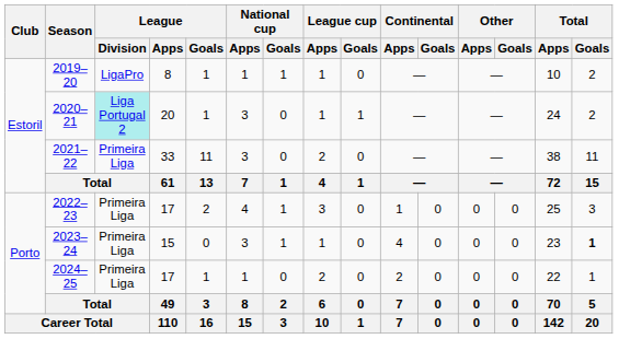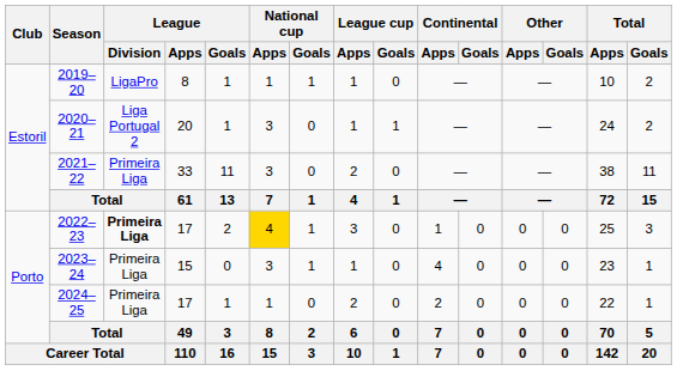 <table class="wikitable" style="text-align: center">
 <tr>
 <th rowspan="2">Club</th>
 <th rowspan="2">Season</th>
 <th colspan="3">League</th>
 <th colspan="2">National cup</th>
 <th colspan="2">League cup</th>
 <th colspan="2">Continental</th>
 <th colspan="2">Other</th>
 <th colspan="2">Total</th>
 </tr>
 <tr>
 <th>Division</th>
 <th>Apps</th>
 <th>Goals</th>
 <th>Apps</th>
 <th>Goals</th>
 <th>Apps</th>
 <th>Goals</th>
 <th>Apps</th>
 <th>Goals</th>
 <th>Apps</th>
 <th>Goals</th>
 <th>Apps</th>
 <th>Goals</th>
 </tr>
 <tr>
 <td rowspan="4"><a href='#'>Estoril</a></td>
 <td><a href='#'>2019–20</a></td>
 <td><a href='#'>LigaPro</a></td>
 <td>8</td>
 <td>1</td>
 <td>1</td>
 <td>1</td>
 <td>1</td>
 <td>0</td>
 <td colspan="2">—</td>
 <td colspan="2">—</td>
 <td>10</td>
 <td>2</td>
 </tr>
 <tr>
 <td><a href='#'>2020–21</a></td>
-<td style="background: paleturquoise;"><a href='#'>Liga Portugal 2</a></td>
+<td><a href='#'>Liga Portugal 2</a></td>
 <td>20</td>
 <td>1</td>
 <td>3</td>
 <td>0</td>
 <td>1</td>
 <td>1</td>
 <td colspan="2">—</td>
 <td colspan="2">—</td>
 <td>24</td>
 <td>2</td>
 </tr>
 <tr>
 <td><a href='#'>2021–22</a></td>
 <td><a href='#'>Primeira Liga</a></td>
 <td>33</td>
 <td>11</td>
 <td>3</td>
 <td>0</td>
 <td>2</td>
 <td>0</td>
 <td colspan="2">—</td>
 <td colspan="2">—</td>
 <td>38</td>
 <td>11</td>
 </tr>
 <tr>
 <th colspan="2">Total</th>
 <th>61</th>
 <th>13</th>
 <th>7</th>
 <th>1</th>
 <th>4</th>
 <th>1</th>
 <th colspan="2">—</th>
 <th colspan="2">—</th>
 <th>72</th>
 <th>15</th>
 </tr>
 <tr>
 <td rowspan="4"><a href='#'>Porto</a></td>
 <td><a href='#'>2022–23</a></td>
-<td>Primeira Liga</td>
+<td><strong>Primeira Liga</strong></td>
 <td>17</td>
 <td>2</td>
-<td>4</td>
+<td style="background: gold;">4</td>
 <td>1</td>
 <td>3</td>
 <td>0</td>
 <td>1</td>
 <td>0</td>
 <td>0</td>
 <td>0</td>
 <td>25</td>
 <td>3</td>
 </tr>
 <tr>
 <td><a href='#'>2023–24</a></td>
 <td>Primeira Liga</td>
 <td>15</td>
 <td>0</td>
 <td>3</td>
 <td>1</td>
 <td>1</td>
 <td>0</td>
 <td>4</td>
 <td>0</td>
 <td>0</td>
 <td>0</td>
 <td>23</td>
-<td><strong>1</strong></td>
+<td>1</td>
 </tr>
 <tr>
 <td><a href='#'>2024–25</a></td>
 <td>Primeira Liga</td>
 <td>17</td>
 <td>1</td>
 <td>1</td>
 <td>0</td>
 <td>2</td>
 <td>0</td>
 <td>2</td>
 <td>0</td>
 <td>0</td>
 <td>0</td>
 <td>22</td>
 <td>1</td>
 </tr>
 <tr>
 <th colspan="2">Total</th>
 <th>49</th>
 <th>3</th>
 <th>8</th>
 <th>2</th>
 <th>6</th>
 <th>0</th>
 <th>7</th>
 <th>0</th>
 <th>0</th>
 <th>0</th>
 <th>70</th>
 <th>5</th>
 </tr>
 <tr>
 <th colspan="3">Career Total</th>
 <th>110</th>
 <th>16</th>
 <th>15</th>
 <th>3</th>
 <th>10</th>
 <th>1</th>
 <th>7</th>
 <th>0</th>
 <th>0</th>
 <th>0</th>
 <th>142</th>
 <th>20</th>
 </tr>
 </table>
